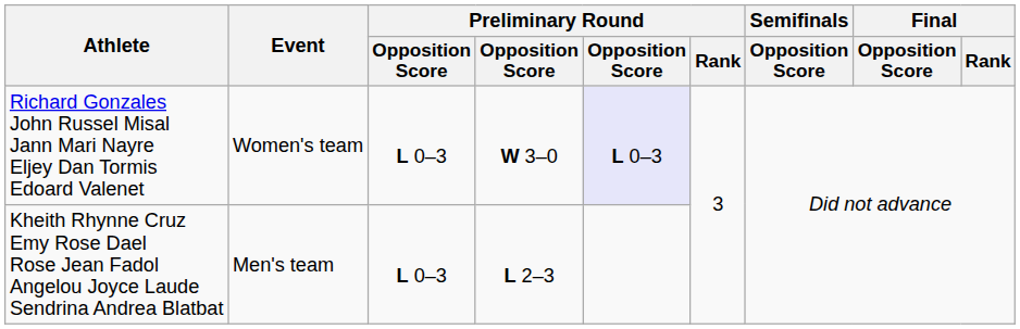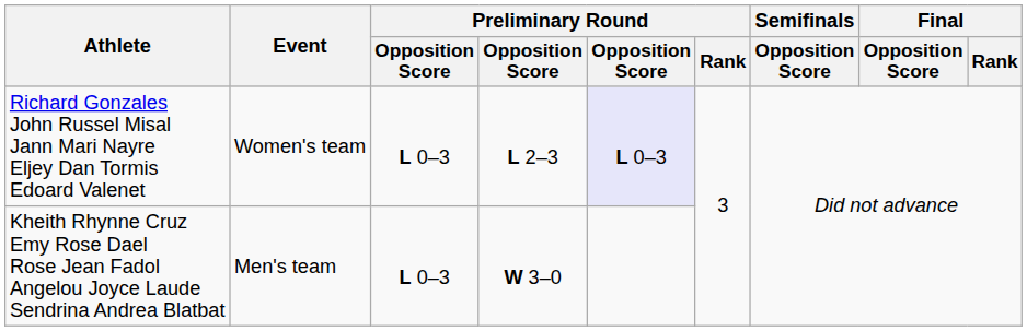 <table class="wikitable" style="font-size:90%">
 <tr>
 <th rowspan=2>Athlete</th>
 <th rowspan=2>Event</th>
 <th colspan=4>Preliminary Round</th>
 <th>Semifinals</th>
 <th colspan=2>Final</th>
 </tr>
 <tr style="font-size:95%">
 <th>Opposition<br>Score</th>
 <th>Opposition<br>Score</th>
 <th>Opposition<br>Score</th>
 <th>Rank</th>
 <th>Opposition<br>Score</th>
 <th>Opposition<br>Score</th>
 <th>Rank</th>
 </tr>
 <tr align=center>
 <td align=left><a href='#'>Richard Gonzales</a><br>John Russel Misal<br>Jann Mari Nayre<br>Eljey Dan Tormis<br>Edoard Valenet</td>
 <td align=left>Women's team</td>
 <td><br><strong>L</strong> 0–3</td>
-<td><br><strong>W</strong> 3–0</td>
+<td><br><strong>L</strong> 2–3</td>
 <td style="background: lavender;"><br><strong>L</strong> 0–3</td>
 <td rowspan=2>3</td>
 <td colspan=3 rowspan=2><em>Did not advance</em></td>
 </tr>
 <tr align=center>
 <td align=left>Kheith Rhynne Cruz<br>Emy Rose Dael<br>Rose Jean Fadol<br>Angelou Joyce Laude<br>Sendrina Andrea Blatbat</td>
 <td align=left>Men's team</td>
 <td><br><strong>L</strong> 0–3</td>
-<td><br><strong>L</strong> 2–3</td>
+<td><br><strong>W</strong> 3–0</td>
 <td></td>
 </tr>
 </table>
